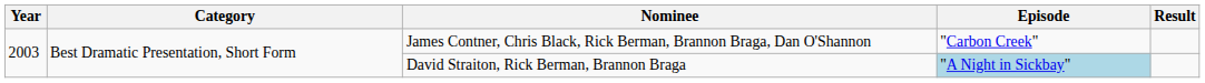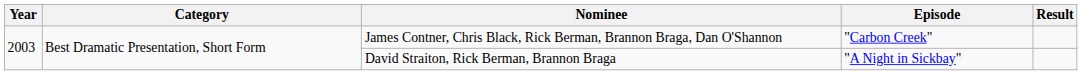 <table class="wikitable">
 <tr>
 <th scope="col" width="3.5%">Year</th>
 <th scope="col" width="30%">Category</th>
 <th scope="col" width="45%">Nominee</th>
 <th scope="col" width="18%">Episode</th>
 <th scope="col" width="3.5%">Result</th>
 </tr>
 <tr>
 <td scope="row" rowspan=2>2003</td>
 <td rowspan=2>Best Dramatic Presentation, Short Form</td>
 <td>James Contner, Chris Black, Rick Berman, Brannon Braga, Dan O'Shannon</td>
 <td>"<a href='#'>Carbon Creek</a>"</td>
 <td></td>
 </tr>
 <tr>
 <td>David Straiton, Rick Berman, Brannon Braga</td>
-<td style="background: lightblue;">"<a href='#'>A Night in Sickbay</a>"</td>
+<td>"<a href='#'>A Night in Sickbay</a>"</td>
 <td></td>
 </tr>
 </table>
